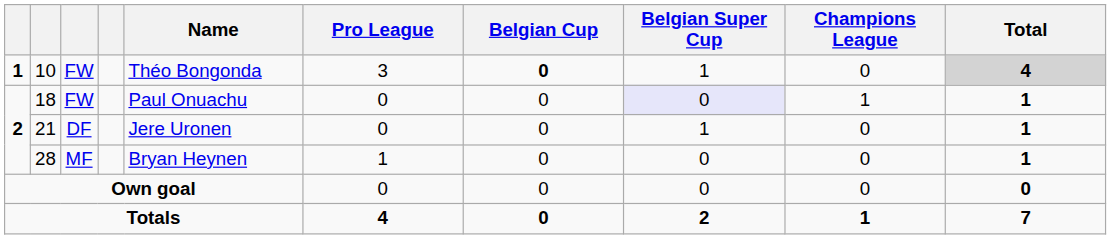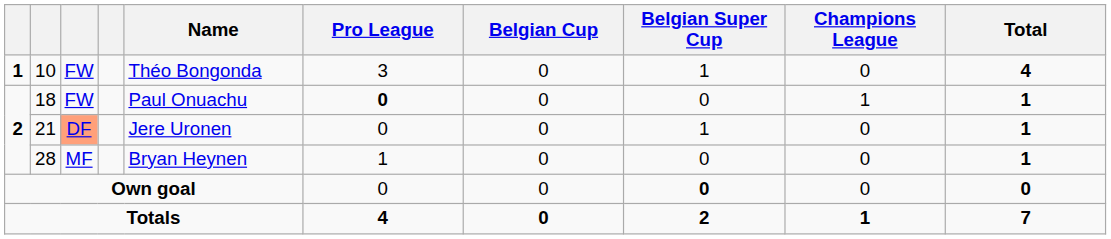 <table class="wikitable" style="text-align:center">
 <tr>
 <th width=15></th>
 <th width=15></th>
 <th width=15></th>
 <th width=15></th>
 <th width=145>Name</th>
 <th width=130><a href='#'>Pro League</a></th>
 <th width=130><a href='#'>Belgian Cup</a></th>
 <th width=130><a href='#'>Belgian Super Cup</a></th>
 <th width=130><a href='#'>Champions League</a></th>
 <th width=130>Total</th>
 </tr>
 <tr>
 <td rowspan="1"><strong>1</strong></td>
 <td>10</td>
 <td><a href='#'>FW</a></td>
 <td></td>
 <td align=left><a href='#'>Théo Bongonda</a></td>
 <td>3</td>
-<td><strong>0</strong></td>
+<td>0</td>
 <td>1</td>
 <td>0</td>
-<td style="background: lightgrey;"><strong>4</strong></td>
+<td><strong>4</strong></td>
 </tr>
 <tr>
 <td rowspan="3"><strong>2</strong></td>
 <td>18</td>
 <td><a href='#'>FW</a></td>
 <td></td>
 <td align=left><a href='#'>Paul Onuachu</a></td>
+<td><strong>0</strong></td>
 <td>0</td>
 <td>0</td>
-<td style="background: lavender;">0</td>
 <td>1</td>
 <td><strong>1</strong></td>
 </tr>
 <tr>
 <td>21</td>
-<td><a href='#'>DF</a></td>
+<td style="background: lightsalmon;"><a href='#'>DF</a></td>
 <td></td>
 <td align=left><a href='#'>Jere Uronen</a></td>
 <td>0</td>
 <td>0</td>
 <td>1</td>
 <td>0</td>
 <td><strong>1</strong></td>
 </tr>
 <tr>
 <td>28</td>
 <td><a href='#'>MF</a></td>
 <td></td>
 <td align=left><a href='#'>Bryan Heynen</a></td>
 <td>1</td>
 <td>0</td>
 <td>0</td>
 <td>0</td>
 <td><strong>1</strong></td>
 </tr>
 <tr>
 <td colspan="5"><strong>Own goal</strong></td>
 <td>0</td>
 <td>0</td>
-<td>0</td>
+<td><strong>0</strong></td>
 <td>0</td>
 <td><strong>0</strong></td>
 </tr>
 <tr>
 <td colspan=5><strong>Totals</strong></td>
 <td><strong>4</strong></td>
 <td><strong>0</strong></td>
 <td><strong>2</strong></td>
 <td><strong>1</strong></td>
 <td><strong>7</strong></td>
 </tr>
 </table>
